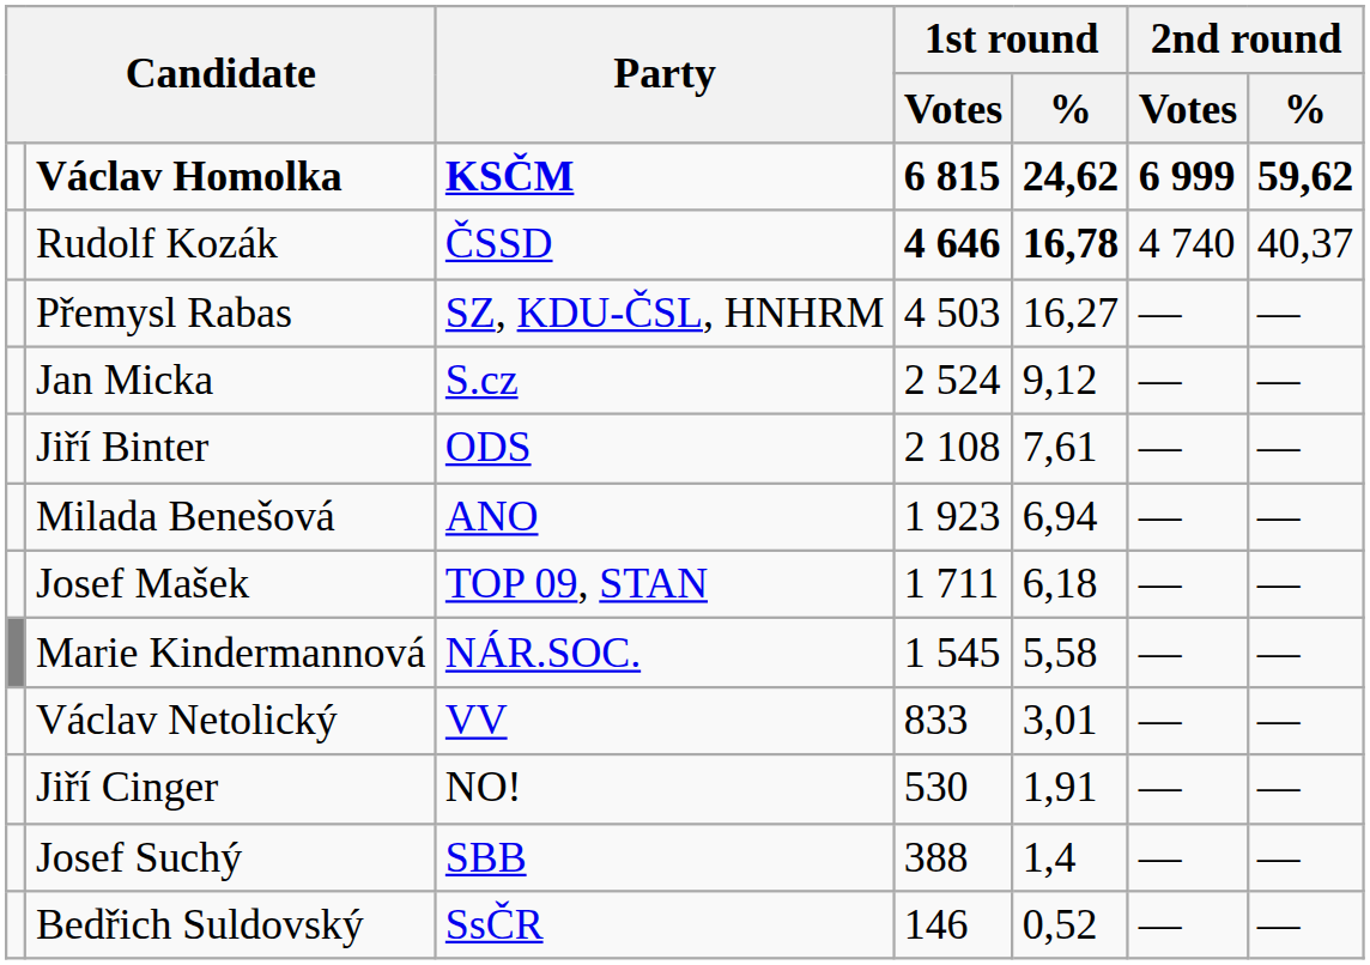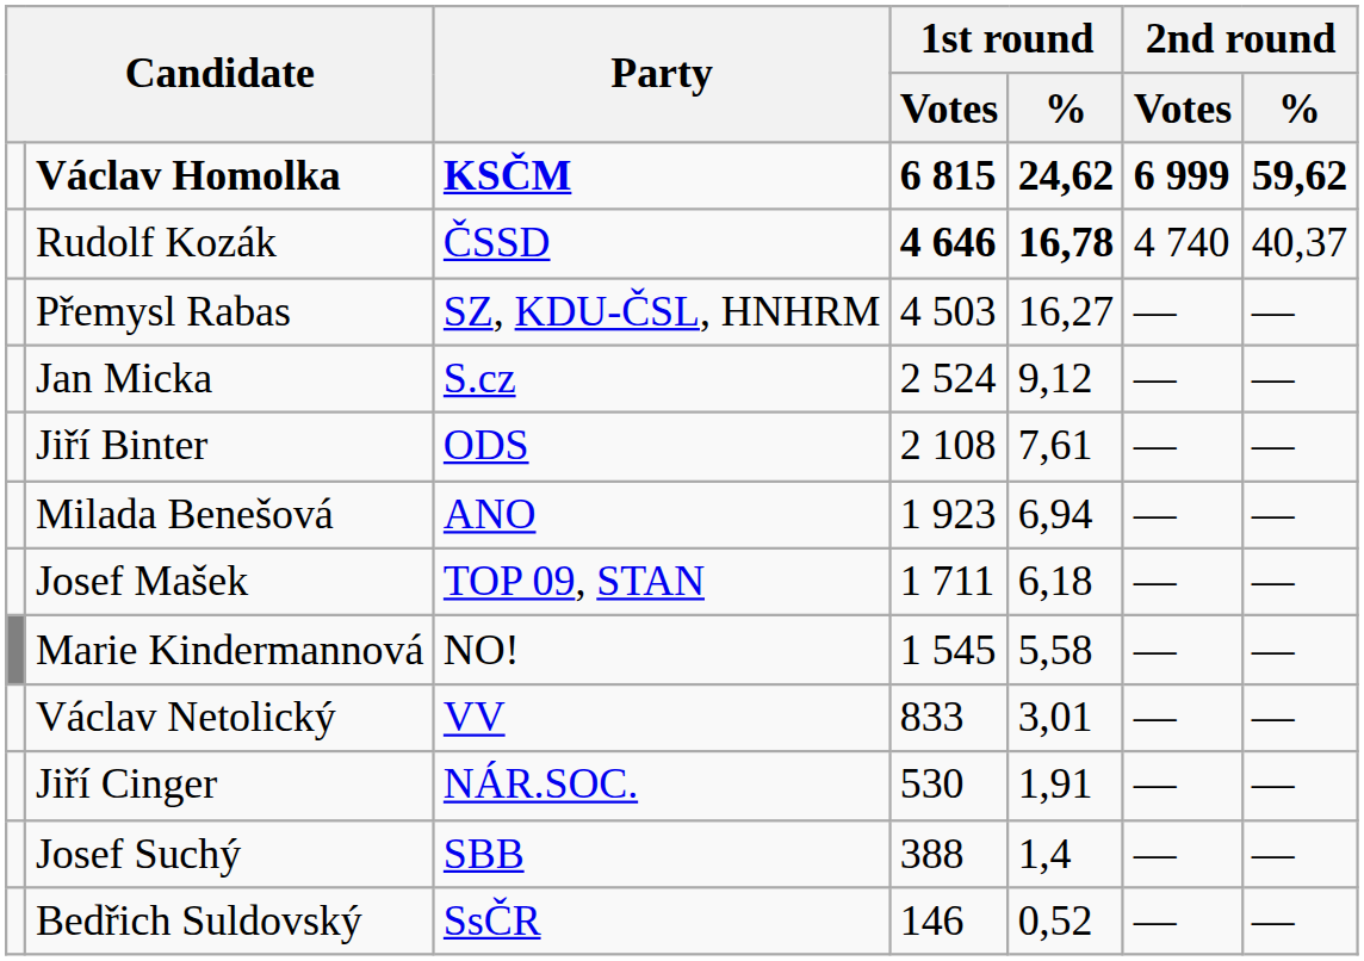 <table class="wikitable sortable">
 <tr>
 <th colspan="2" rowspan="2">Candidate</th>
 <th rowspan="2">Party</th>
 <th colspan="2">1st round</th>
 <th colspan="2">2nd round</th>
 </tr>
 <tr>
 <th>Votes</th>
 <th>%</th>
 <th>Votes</th>
 <th>%</th>
 </tr>
 <tr>
 <td style="background-color:"></td>
 <td><strong>Václav Homolka</strong></td>
 <td><a href='#'><strong>KSČM</strong></a></td>
 <td><strong>6 815</strong></td>
 <td><strong>24,62</strong></td>
 <td><strong>6 999</strong></td>
 <td><strong>59,62</strong></td>
 </tr>
 <tr>
 <td style="background-color:"></td>
 <td>Rudolf Kozák</td>
 <td><a href='#'>ČSSD</a></td>
 <td><strong>4 646</strong></td>
 <td><strong>16,78</strong></td>
 <td>4 740</td>
 <td>40,37</td>
 </tr>
 <tr>
 <td style="background-color:"></td>
 <td>Přemysl Rabas</td>
 <td><a href='#'>SZ</a>, <a href='#'>KDU-ČSL</a>, HNHRM</td>
 <td>4 503</td>
 <td>16,27</td>
 <td>—</td>
 <td>—</td>
 </tr>
 <tr>
 <td style="background-color:"></td>
 <td>Jan Micka</td>
 <td><a href='#'>S.cz</a></td>
 <td>2 524</td>
 <td>9,12</td>
 <td>—</td>
 <td>—</td>
 </tr>
 <tr>
 <td style="background-color:"></td>
 <td>Jiří Binter</td>
 <td><a href='#'>ODS</a></td>
 <td>2 108</td>
 <td>7,61</td>
 <td>—</td>
 <td>—</td>
 </tr>
 <tr>
 <td style="background-color:"></td>
 <td>Milada Benešová</td>
 <td><a href='#'>ANO</a></td>
 <td>1 923</td>
 <td>6,94</td>
 <td>—</td>
 <td>—</td>
 </tr>
 <tr>
 <td style="background-color:"></td>
 <td>Josef Mašek</td>
 <td><a href='#'>TOP 09</a>, <a href='#'>STAN</a></td>
 <td>1 711</td>
 <td>6,18</td>
 <td>—</td>
 <td>—</td>
 </tr>
 <tr>
 <td style="background-color:gray;"></td>
 <td>Marie Kindermannová</td>
-<td><a href='#'>NÁR.SOC.</a></td>
+<td>NO!</td>
 <td>1 545</td>
 <td>5,58</td>
 <td>—</td>
 <td>—</td>
 </tr>
 <tr>
 <td style="background-color:"></td>
 <td>Václav Netolický</td>
 <td><a href='#'>VV</a></td>
 <td>833</td>
 <td>3,01</td>
 <td>—</td>
 <td>—</td>
 </tr>
 <tr>
 <td style="background-color:"></td>
 <td>Jiří Cinger</td>
-<td>NO!</td>
+<td><a href='#'>NÁR.SOC.</a></td>
 <td>530</td>
 <td>1,91</td>
 <td>—</td>
 <td>—</td>
 </tr>
 <tr>
 <td style="background-color:"></td>
 <td>Josef Suchý</td>
 <td><a href='#'>SBB</a></td>
 <td>388</td>
 <td>1,4</td>
 <td>—</td>
 <td>—</td>
 </tr>
 <tr>
 <td style="background-color:"></td>
 <td>Bedřich Suldovský</td>
 <td><a href='#'>SsČR</a></td>
 <td>146</td>
 <td>0,52</td>
 <td>—</td>
 <td>—</td>
 </tr>
 </table>
